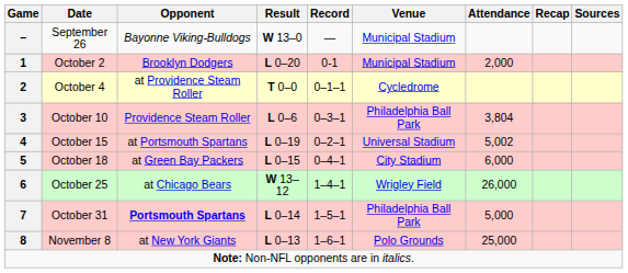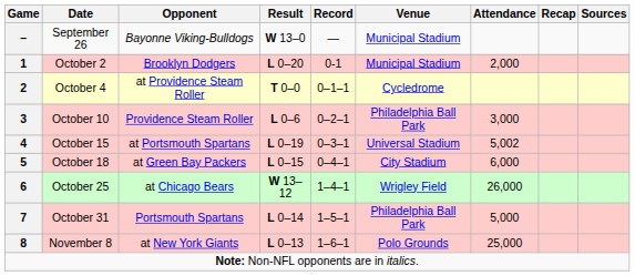 <table class="wikitable" style="text-align:center">
 <tr>
 <th>Game</th>
 <th>Date</th>
 <th>Opponent</th>
 <th>Result</th>
 <th>Record</th>
 <th>Venue</th>
 <th>Attendance</th>
 <th>Recap</th>
 <th>Sources</th>
 </tr>
 <tr>
 <th>–</th>
 <td>September 26</td>
 <td><em>Bayonne Viking-Bulldogs</em></td>
 <td><strong>W</strong> 13–0</td>
 <td>—</td>
 <td><a href='#'>Municipal Stadium</a></td>
 <td></td>
 <td></td>
 <td></td>
 </tr>
 <tr style="background:#fcc">
 <th>1</th>
 <td>October 2</td>
 <td><a href='#'>Brooklyn Dodgers</a></td>
 <td><strong>L</strong> 0–20</td>
 <td>0-1</td>
 <td><a href='#'>Municipal Stadium</a></td>
 <td>2,000</td>
 <td></td>
 <td></td>
 </tr>
 <tr style="background:#ffc">
 <th>2</th>
 <td>October 4</td>
 <td>at <a href='#'>Providence Steam Roller</a></td>
 <td><strong>T</strong> 0–0</td>
 <td>0–1–1</td>
 <td><a href='#'>Cycledrome</a></td>
 <td></td>
 <td></td>
 <td></td>
 </tr>
 <tr style="background:#fcc">
 <th>3</th>
 <td>October 10</td>
 <td><a href='#'>Providence Steam Roller</a></td>
 <td><strong>L</strong> 0–6</td>
-<td>0–3–1</td>
+<td>0–2–1</td>
 <td><a href='#'>Philadelphia Ball Park</a></td>
-<td>3,804</td>
+<td>3,000</td>
 <td></td>
 <td></td>
 </tr>
 <tr style="background:#fcc">
 <th>4</th>
 <td>October 15</td>
 <td>at <a href='#'>Portsmouth Spartans</a></td>
 <td><strong>L</strong> 0–19</td>
-<td>0–2–1</td>
+<td>0–3–1</td>
 <td><a href='#'>Universal Stadium</a></td>
 <td>5,002</td>
 <td></td>
 <td></td>
 </tr>
 <tr style="background:#fcc">
 <th>5</th>
 <td>October 18</td>
 <td>at <a href='#'>Green Bay Packers</a></td>
 <td><strong>L</strong> 0–15</td>
 <td>0–4–1</td>
 <td><a href='#'>City Stadium</a></td>
 <td>6,000</td>
 <td></td>
 <td></td>
 </tr>
 <tr style="background:#cfc">
 <th>6</th>
 <td>October 25</td>
 <td>at <a href='#'>Chicago Bears</a></td>
 <td><strong>W</strong> 13–12</td>
 <td>1–4–1</td>
 <td><a href='#'>Wrigley Field</a></td>
 <td>26,000</td>
 <td></td>
 <td></td>
 </tr>
 <tr style="background:#fcc">
 <th>7</th>
 <td>October 31</td>
-<td><strong><a href='#'>Portsmouth Spartans</a></strong></td>
+<td><a href='#'>Portsmouth Spartans</a></td>
 <td><strong>L</strong> 0–14</td>
 <td>1–5–1</td>
 <td><a href='#'>Philadelphia Ball Park</a></td>
 <td>5,000</td>
 <td></td>
 <td></td>
 </tr>
 <tr style="background:#fcc">
 <th>8</th>
 <td>November 8</td>
 <td>at <a href='#'>New York Giants</a></td>
 <td><strong>L</strong> 0–13</td>
 <td>1–6–1</td>
 <td><a href='#'>Polo Grounds</a></td>
 <td>25,000</td>
 <td></td>
 <td></td>
 </tr>
 <tr>
 <td colspan="10"><strong>Note:</strong> Non-NFL opponents are in <em>italics</em>.</td>
 </tr>
 </table>
